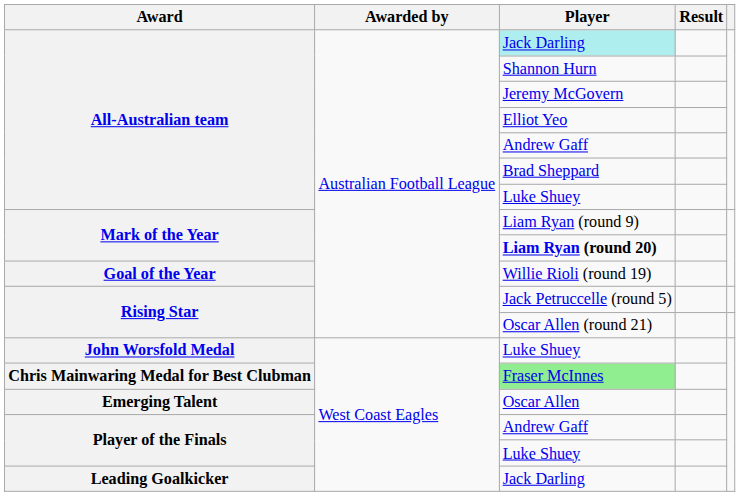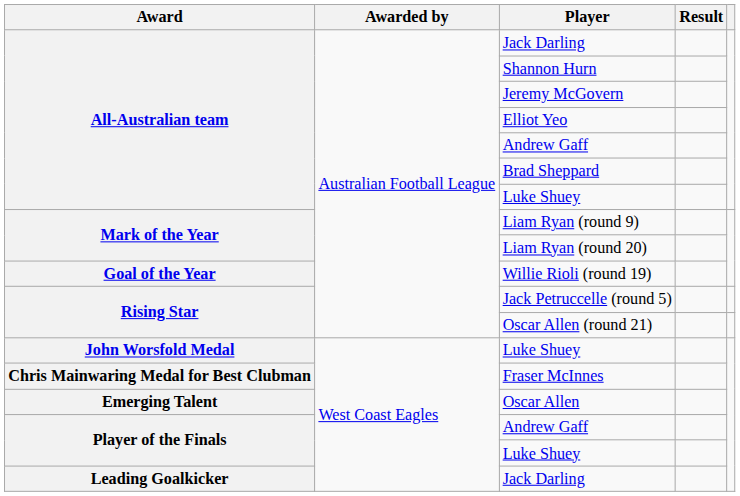 <table class="wikitable plainrowheaders sortable">
 <tr>
 <th scope="col">Award</th>
 <th scope="col">Awarded by</th>
 <th scope="col">Player</th>
 <th scope="col">Result</th>
 <th class="unsortable"></th>
 </tr>
 <tr>
 <th scope="row" rowspan=7><a href='#'>All-Australian team</a></th>
 <td rowspan=12><a href='#'>Australian Football League</a></td>
-<td style="background: paleturquoise;"><a href='#'>Jack Darling</a></td>
+<td><a href='#'>Jack Darling</a></td>
 <td></td>
 <td rowspan=7></td>
 </tr>
 <tr>
 <td><a href='#'>Shannon Hurn</a></td>
 <td></td>
 </tr>
 <tr>
 <td><a href='#'>Jeremy McGovern</a></td>
 <td></td>
 </tr>
 <tr>
 <td><a href='#'>Elliot Yeo</a></td>
 <td></td>
 </tr>
 <tr>
 <td><a href='#'>Andrew Gaff</a></td>
 <td></td>
 </tr>
 <tr>
 <td><a href='#'>Brad Sheppard</a></td>
 <td></td>
 </tr>
 <tr>
 <td><a href='#'>Luke Shuey</a></td>
 <td></td>
 </tr>
 <tr>
 <th scope="row" rowspan=2><a href='#'>Mark of the Year</a></th>
 <td><a href='#'>Liam Ryan</a> (round 9)</td>
 <td></td>
 <td rowspan=3></td>
 </tr>
 <tr>
-<td><strong><a href='#'>Liam Ryan</a> (round 20)</strong></td>
+<td><a href='#'>Liam Ryan</a> (round 20)</td>
 <td></td>
 </tr>
 <tr>
 <th scope="row"><a href='#'>Goal of the Year</a></th>
 <td><a href='#'>Willie Rioli</a> (round 19)</td>
 <td></td>
 </tr>
 <tr>
 <th scope="row" rowspan=2><a href='#'>Rising Star</a></th>
 <td><a href='#'>Jack Petruccelle</a> (round 5)</td>
 <td></td>
 <td></td>
 </tr>
 <tr>
 <td><a href='#'>Oscar Allen</a> (round 21)</td>
 <td></td>
 <td></td>
 </tr>
 <tr>
 <th scope="row"><a href='#'>John Worsfold Medal</a></th>
 <td rowspan="6"><a href='#'>West Coast Eagles</a></td>
 <td><a href='#'>Luke Shuey</a></td>
 <td></td>
 <td rowspan="6"></td>
 </tr>
 <tr>
 <th scope="row">Chris Mainwaring Medal for Best Clubman</th>
-<td style="background: lightgreen;"><a href='#'>Fraser McInnes</a></td>
+<td><a href='#'>Fraser McInnes</a></td>
 <td></td>
 </tr>
 <tr>
 <th scope="row">Emerging Talent</th>
 <td><a href='#'>Oscar Allen</a></td>
 <td></td>
 </tr>
 <tr>
 <th scope="row" ! rowspan="2">Player of the Finals</th>
 <td><a href='#'>Andrew Gaff</a></td>
 <td></td>
 </tr>
 <tr>
 <td><a href='#'>Luke Shuey</a></td>
 <td></td>
 </tr>
 <tr>
 <th scope="row">Leading Goalkicker</th>
 <td><a href='#'>Jack Darling</a></td>
 <td></td>
 </tr>
 </table>
